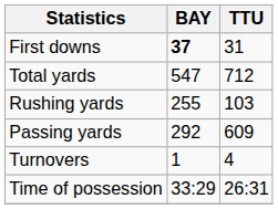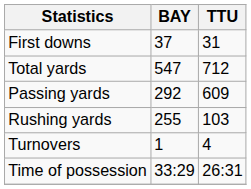 <table class="wikitable">
 <tr>
 <th>Statistics</th>
 <th>BAY</th>
 <th>TTU</th>
 </tr>
 <tr>
 <td>First downs</td>
-<td><strong>37</strong></td>
+<td>37</td>
 <td>31</td>
 </tr>
 <tr>
 <td>Total yards</td>
 <td>547</td>
 <td>712</td>
 </tr>
 <tr>
+<td>Passing yards</td>
+<td>292</td>
+<td>609</td>
+</tr>
+<tr>
 <td>Rushing yards</td>
 <td>255</td>
 <td>103</td>
-</tr>
-<tr>
-<td>Passing yards</td>
-<td>292</td>
-<td>609</td>
 </tr>
 <tr>
 <td>Turnovers</td>
 <td>1</td>
 <td>4</td>
 </tr>
 <tr>
 <td>Time of possession</td>
 <td>33:29</td>
 <td>26:31</td>
 </tr>
 <tr>
 </tr>
 </table>
